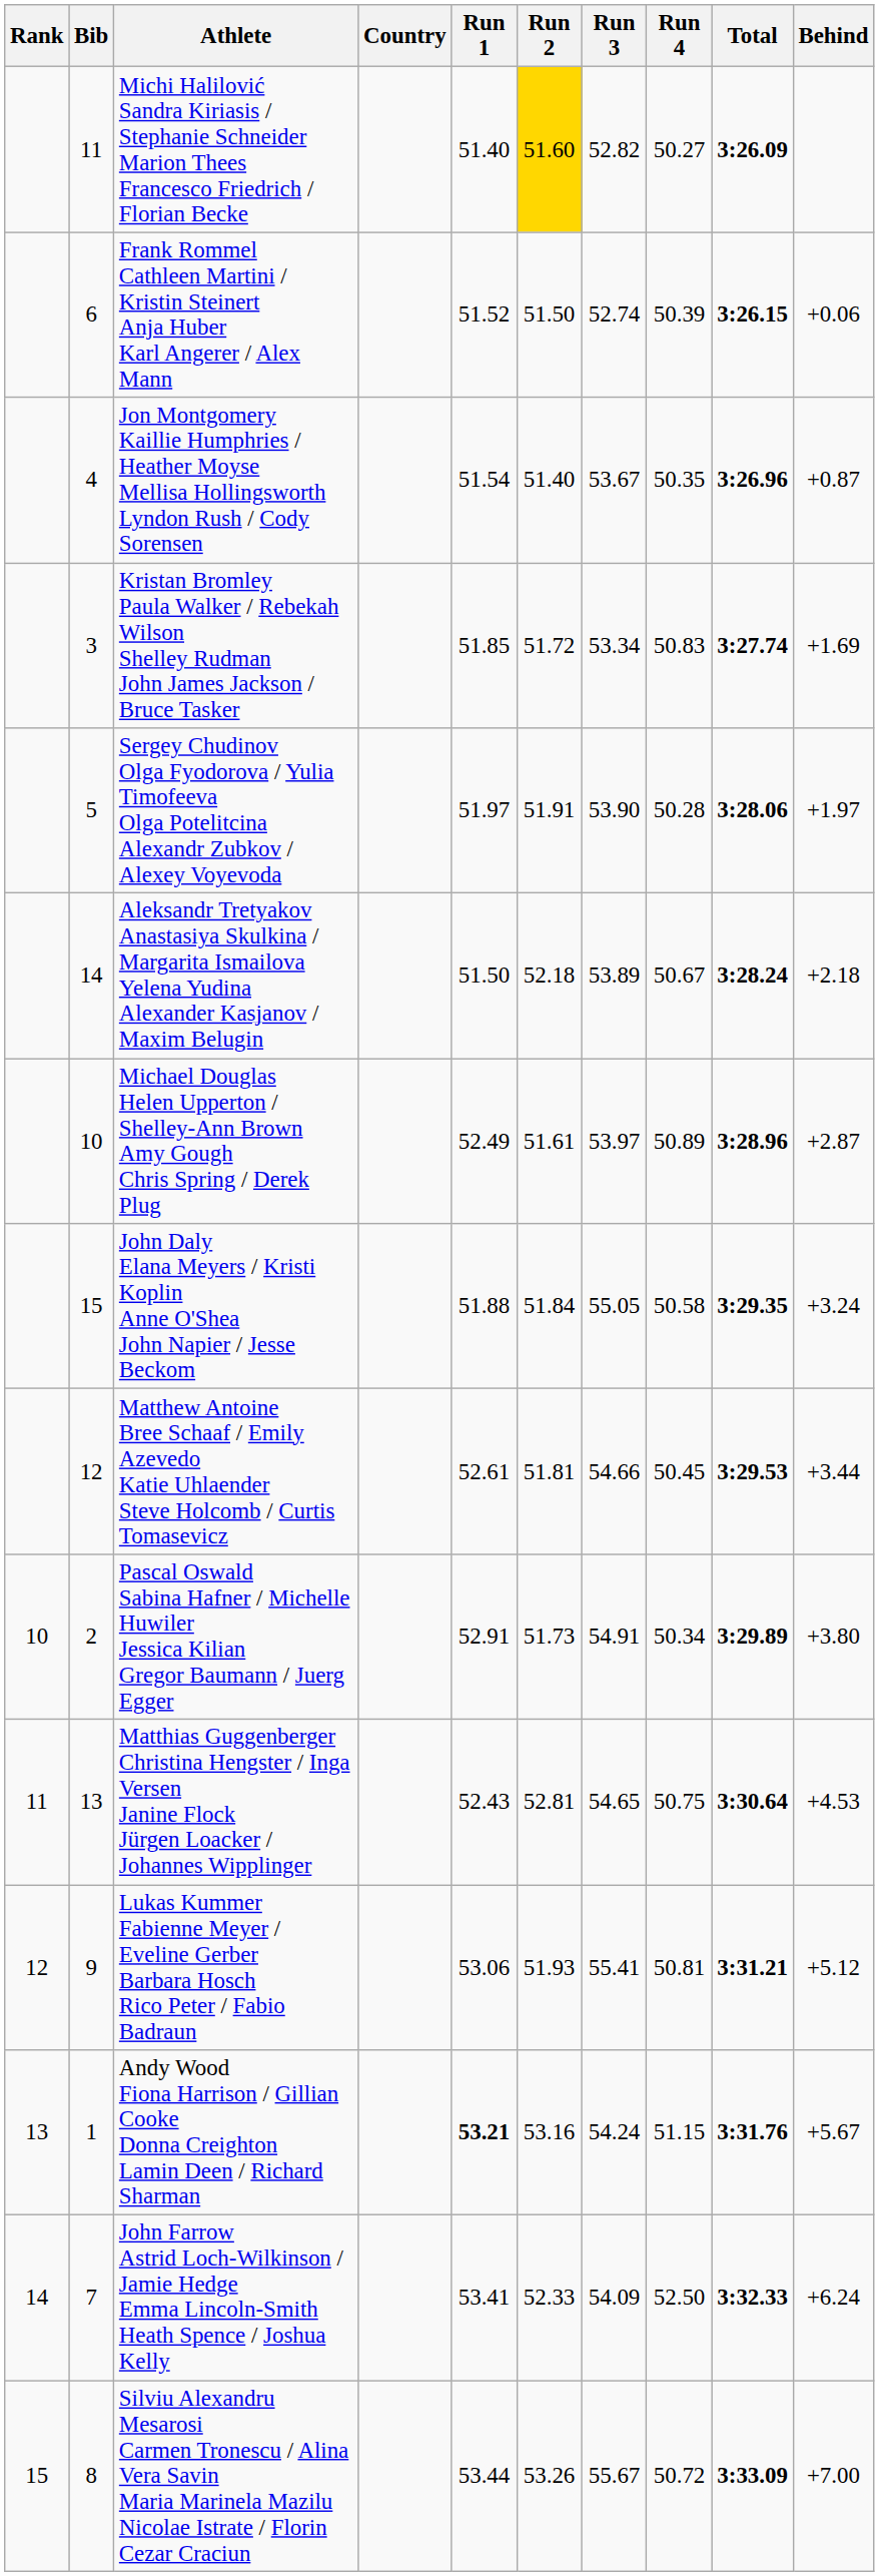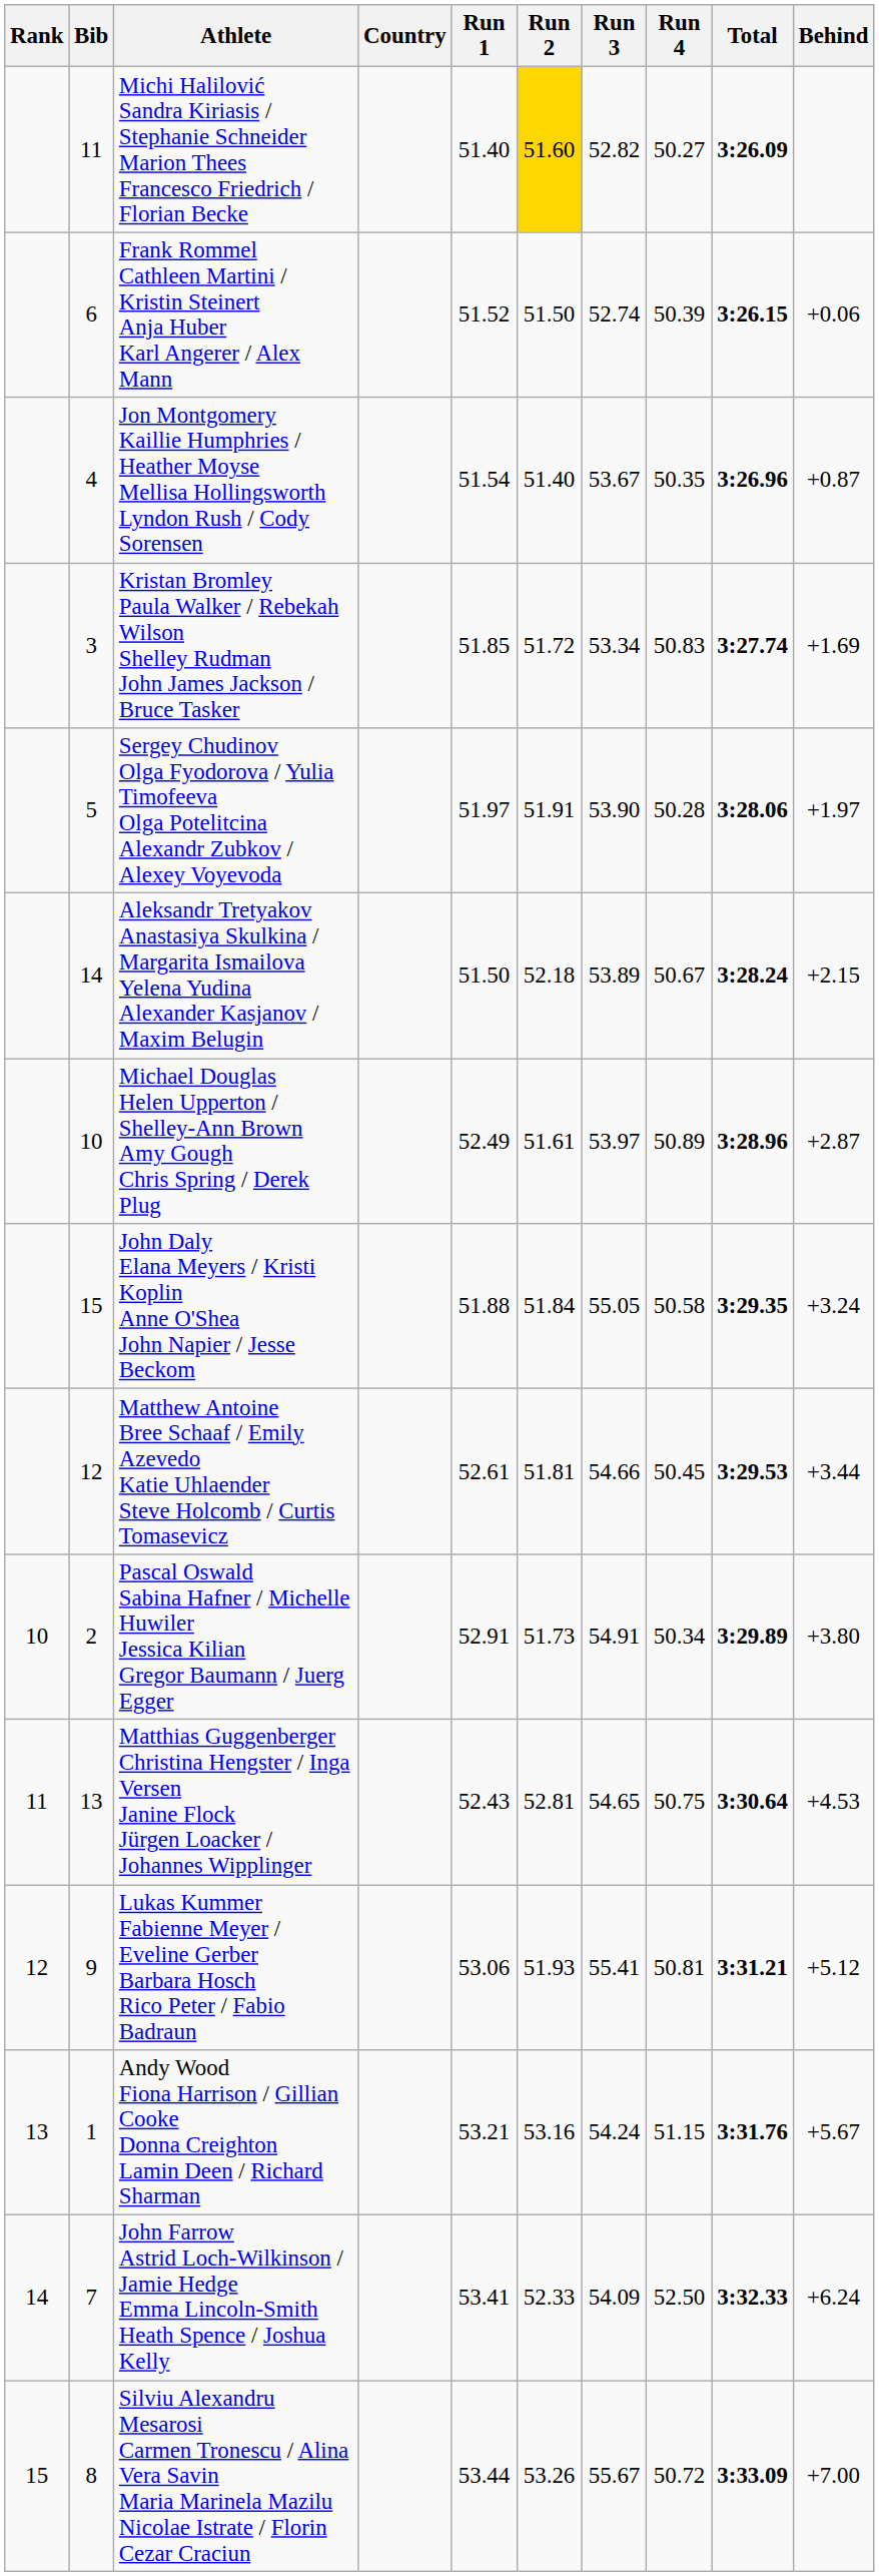 <table class="wikitable sortable" style="text-align:center">
 <tr bgcolor=efefef>
 <th>Rank</th>
 <th>Bib</th>
 <th>Athlete</th>
 <th>Country</th>
 <th>Run 1</th>
 <th>Run 2</th>
 <th>Run 3</th>
 <th>Run 4</th>
 <th>Total</th>
 <th>Behind</th>
 </tr>
 <tr>
 <td></td>
 <td>11</td>
 <td align=left><a href='#'>Michi Halilović</a><br><a href='#'>Sandra Kiriasis</a> / <a href='#'>Stephanie Schneider</a><br><a href='#'>Marion Thees</a><br><a href='#'>Francesco Friedrich</a> / <a href='#'>Florian Becke</a></td>
 <td align=left></td>
 <td>51.40</td>
 <td style="background: gold;">51.60</td>
 <td>52.82</td>
 <td>50.27</td>
 <td><strong>3:26.09</strong></td>
 <td></td>
 </tr>
 <tr>
 <td></td>
 <td>6</td>
 <td align=left><a href='#'>Frank Rommel</a><br><a href='#'>Cathleen Martini</a> / <a href='#'>Kristin Steinert</a><br><a href='#'>Anja Huber</a><br><a href='#'>Karl Angerer</a> / <a href='#'>Alex Mann</a></td>
 <td align=left></td>
 <td>51.52</td>
 <td>51.50</td>
 <td>52.74</td>
 <td>50.39</td>
 <td><strong>3:26.15</strong></td>
 <td>+0.06</td>
 </tr>
 <tr>
 <td></td>
 <td>4</td>
 <td align=left><a href='#'>Jon Montgomery</a><br><a href='#'>Kaillie Humphries</a> / <a href='#'>Heather Moyse</a><br><a href='#'>Mellisa Hollingsworth</a><br><a href='#'>Lyndon Rush</a> / <a href='#'>Cody Sorensen</a></td>
 <td align=left></td>
 <td>51.54</td>
 <td>51.40</td>
 <td>53.67</td>
 <td>50.35</td>
 <td><strong>3:26.96</strong></td>
 <td>+0.87</td>
 </tr>
 <tr>
 <td></td>
 <td>3</td>
 <td align=left><a href='#'>Kristan Bromley</a><br><a href='#'>Paula Walker</a> / <a href='#'>Rebekah Wilson</a><br><a href='#'>Shelley Rudman</a><br><a href='#'>John James Jackson</a> / <a href='#'>Bruce Tasker</a></td>
 <td align=left></td>
 <td>51.85</td>
 <td>51.72</td>
 <td>53.34</td>
 <td>50.83</td>
 <td><strong>3:27.74</strong></td>
 <td>+1.69</td>
 </tr>
 <tr>
 <td></td>
 <td>5</td>
 <td align=left><a href='#'>Sergey Chudinov</a><br><a href='#'>Olga Fyodorova</a> / <a href='#'>Yulia Timofeeva</a><br><a href='#'>Olga Potelitcina</a><br><a href='#'>Alexandr Zubkov</a> / <a href='#'>Alexey Voyevoda</a></td>
 <td align=left></td>
 <td>51.97</td>
 <td>51.91</td>
 <td>53.90</td>
 <td>50.28</td>
 <td><strong>3:28.06</strong></td>
 <td>+1.97</td>
 </tr>
 <tr>
 <td></td>
 <td>14</td>
 <td align=left><a href='#'>Aleksandr Tretyakov</a><br><a href='#'>Anastasiya Skulkina</a> / <a href='#'>Margarita Ismailova</a><br><a href='#'>Yelena Yudina</a><br><a href='#'>Alexander Kasjanov</a> / <a href='#'>Maxim Belugin</a></td>
 <td align=left></td>
 <td>51.50</td>
 <td>52.18</td>
 <td>53.89</td>
 <td>50.67</td>
 <td><strong>3:28.24</strong></td>
-<td>+2.18</td>
+<td>+2.15</td>
 </tr>
 <tr>
 <td></td>
 <td>10</td>
 <td align=left><a href='#'>Michael Douglas</a><br><a href='#'>Helen Upperton</a> / <a href='#'>Shelley-Ann Brown</a><br><a href='#'>Amy Gough</a><br><a href='#'>Chris Spring</a> / <a href='#'>Derek Plug</a></td>
 <td align=left></td>
 <td>52.49</td>
 <td>51.61</td>
 <td>53.97</td>
 <td>50.89</td>
 <td><strong>3:28.96</strong></td>
 <td>+2.87</td>
 </tr>
 <tr>
 <td></td>
 <td>15</td>
 <td align=left><a href='#'>John Daly</a><br><a href='#'>Elana Meyers</a> / <a href='#'>Kristi Koplin</a><br><a href='#'>Anne O'Shea</a><br><a href='#'>John Napier</a> / <a href='#'>Jesse Beckom</a></td>
 <td align=left></td>
 <td>51.88</td>
 <td>51.84</td>
 <td>55.05</td>
 <td>50.58</td>
 <td><strong>3:29.35</strong></td>
 <td>+3.24</td>
 </tr>
 <tr>
 <td></td>
 <td>12</td>
 <td align=left><a href='#'>Matthew Antoine</a><br><a href='#'>Bree Schaaf</a> / <a href='#'>Emily Azevedo</a><br><a href='#'>Katie Uhlaender</a><br><a href='#'>Steve Holcomb</a> / <a href='#'>Curtis Tomasevicz</a></td>
 <td align=left></td>
 <td>52.61</td>
 <td>51.81</td>
 <td>54.66</td>
 <td>50.45</td>
 <td><strong>3:29.53</strong></td>
 <td>+3.44</td>
 </tr>
 <tr>
 <td>10</td>
 <td>2</td>
 <td align=left><a href='#'>Pascal Oswald</a><br><a href='#'>Sabina Hafner</a> / <a href='#'>Michelle Huwiler</a><br><a href='#'>Jessica Kilian</a><br><a href='#'>Gregor Baumann</a> / <a href='#'>Juerg Egger</a></td>
 <td align=left></td>
 <td>52.91</td>
 <td>51.73</td>
 <td>54.91</td>
 <td>50.34</td>
 <td><strong>3:29.89</strong></td>
 <td>+3.80</td>
 </tr>
 <tr>
 <td>11</td>
 <td>13</td>
 <td align=left><a href='#'>Matthias Guggenberger</a><br><a href='#'>Christina Hengster</a> / <a href='#'>Inga Versen</a><br><a href='#'>Janine Flock</a><br><a href='#'>Jürgen Loacker</a> / <a href='#'>Johannes Wipplinger</a></td>
 <td align=left></td>
 <td>52.43</td>
 <td>52.81</td>
 <td>54.65</td>
 <td>50.75</td>
 <td><strong>3:30.64</strong></td>
 <td>+4.53</td>
 </tr>
 <tr>
 <td>12</td>
 <td>9</td>
 <td align=left><a href='#'>Lukas Kummer</a><br><a href='#'>Fabienne Meyer</a> / <a href='#'>Eveline Gerber</a><br><a href='#'>Barbara Hosch</a><br><a href='#'>Rico Peter</a> / <a href='#'>Fabio Badraun</a></td>
 <td align=left></td>
 <td>53.06</td>
 <td>51.93</td>
 <td>55.41</td>
 <td>50.81</td>
 <td><strong>3:31.21</strong></td>
 <td>+5.12</td>
 </tr>
 <tr>
 <td>13</td>
 <td>1</td>
 <td align=left>Andy Wood<br><a href='#'>Fiona Harrison</a> / <a href='#'>Gillian Cooke</a><br><a href='#'>Donna Creighton</a><br><a href='#'>Lamin Deen</a> / <a href='#'>Richard Sharman</a></td>
 <td align=left></td>
-<td><strong>53.21</strong></td>
+<td>53.21</td>
 <td>53.16</td>
 <td>54.24</td>
 <td>51.15</td>
 <td><strong>3:31.76</strong></td>
 <td>+5.67</td>
 </tr>
 <tr>
 <td>14</td>
 <td>7</td>
 <td align=left><a href='#'>John Farrow</a><br><a href='#'>Astrid Loch-Wilkinson</a> / <a href='#'>Jamie Hedge</a><br><a href='#'>Emma Lincoln-Smith</a><br><a href='#'>Heath Spence</a> / <a href='#'>Joshua Kelly</a></td>
 <td align=left></td>
 <td>53.41</td>
 <td>52.33</td>
 <td>54.09</td>
 <td>52.50</td>
 <td><strong>3:32.33</strong></td>
 <td>+6.24</td>
 </tr>
 <tr>
 <td>15</td>
 <td>8</td>
 <td align=left><a href='#'>Silviu Alexandru Mesarosi</a><br><a href='#'>Carmen Tronescu</a> / <a href='#'>Alina Vera Savin</a><br><a href='#'>Maria Marinela Mazilu</a><br><a href='#'>Nicolae Istrate</a> / <a href='#'>Florin Cezar Craciun</a></td>
 <td align=left></td>
 <td>53.44</td>
 <td>53.26</td>
 <td>55.67</td>
 <td>50.72</td>
 <td><strong>3:33.09</strong></td>
 <td>+7.00</td>
 </tr>
 </table>
